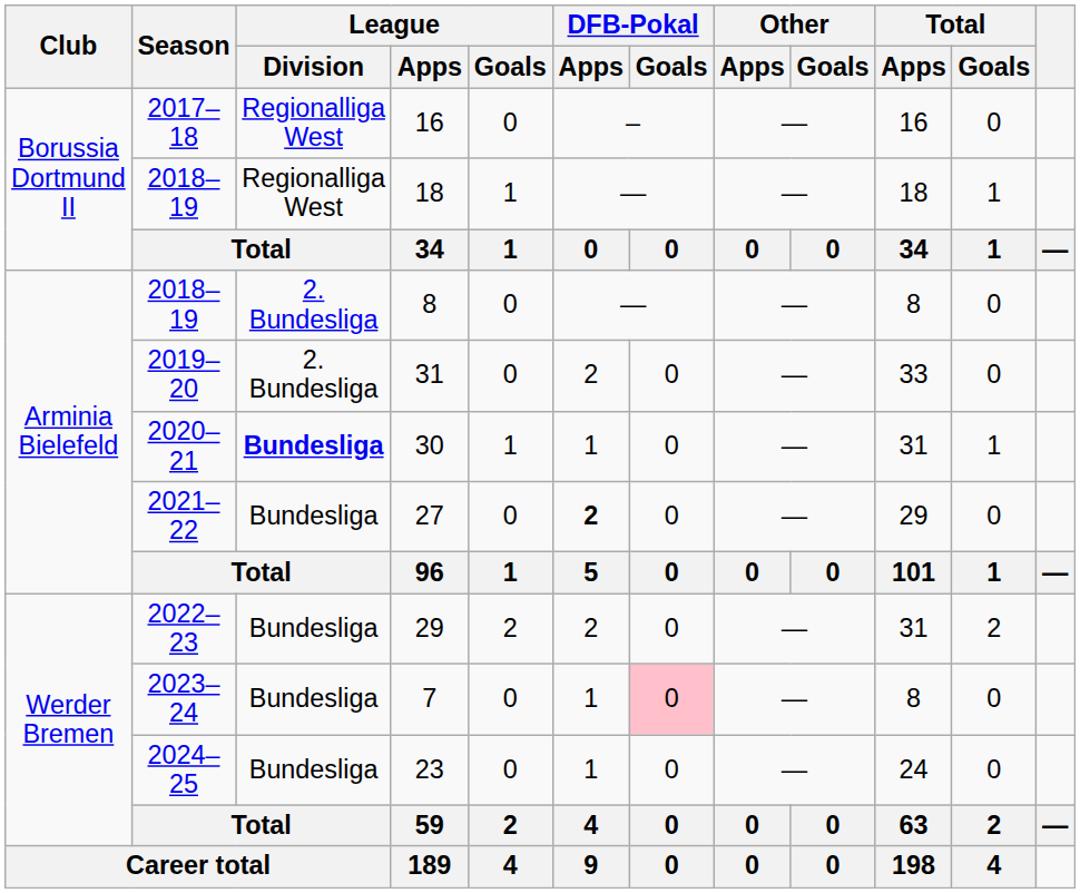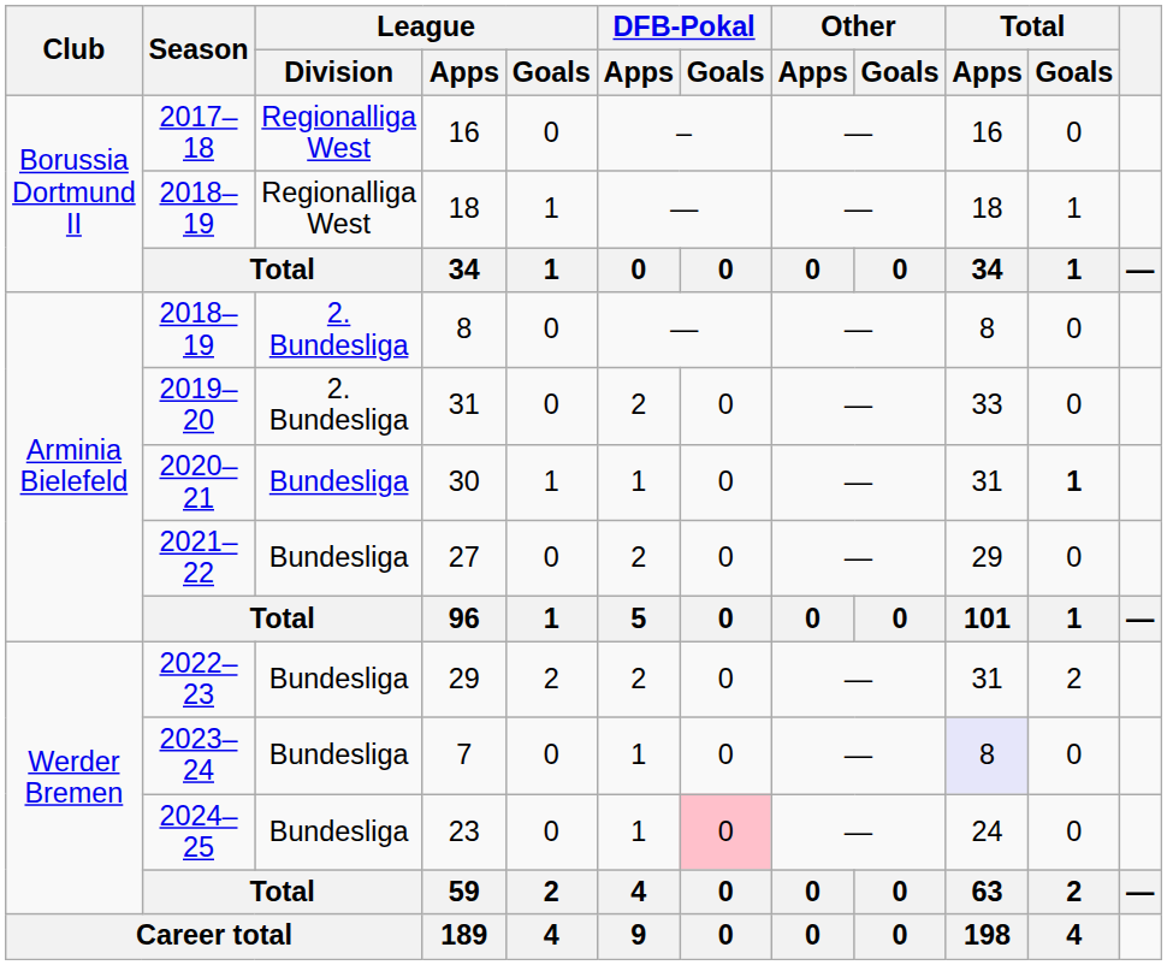 <table class="wikitable" style="text-align: center">
 <tr>
 <th rowspan="2">Club</th>
 <th rowspan="2">Season</th>
 <th colspan="3">League</th>
 <th colspan="2"><a href='#'>DFB-Pokal</a></th>
 <th colspan="2">Other</th>
 <th colspan="2">Total</th>
 <th rowspan="2"></th>
 </tr>
 <tr>
 <th>Division</th>
 <th>Apps</th>
 <th>Goals</th>
 <th>Apps</th>
 <th>Goals</th>
 <th>Apps</th>
 <th>Goals</th>
 <th>Apps</th>
 <th>Goals</th>
 </tr>
 <tr>
 <td rowspan="3"><a href='#'>Borussia Dortmund II</a></td>
 <td><a href='#'>2017–18</a></td>
 <td><a href='#'>Regionalliga West</a></td>
 <td>16</td>
 <td>0</td>
 <td colspan="2">–</td>
 <td colspan="2">—</td>
 <td>16</td>
 <td>0</td>
 <td></td>
 </tr>
 <tr>
 <td><a href='#'>2018–19</a></td>
 <td>Regionalliga West</td>
 <td>18</td>
 <td>1</td>
 <td colspan="2">—</td>
 <td colspan="2">—</td>
 <td>18</td>
 <td>1</td>
 <td></td>
 </tr>
 <tr>
 <th colspan="2">Total</th>
 <th>34</th>
 <th>1</th>
 <th>0</th>
 <th>0</th>
 <th>0</th>
 <th>0</th>
 <th>34</th>
 <th>1</th>
 <th>—</th>
 </tr>
 <tr>
 <td rowspan="5"><a href='#'>Arminia Bielefeld</a></td>
 <td><a href='#'>2018–19</a></td>
 <td><a href='#'>2. Bundesliga</a></td>
 <td>8</td>
 <td>0</td>
 <td colspan="2">—</td>
 <td colspan="2">—</td>
 <td>8</td>
 <td>0</td>
 <td></td>
 </tr>
 <tr>
 <td><a href='#'>2019–20</a></td>
 <td>2. Bundesliga</td>
 <td>31</td>
 <td>0</td>
 <td>2</td>
 <td>0</td>
 <td colspan="2">—</td>
 <td>33</td>
 <td>0</td>
 <td></td>
 </tr>
 <tr>
 <td><a href='#'>2020–21</a></td>
-<td><strong><a href='#'>Bundesliga</a></strong></td>
+<td><a href='#'>Bundesliga</a></td>
 <td>30</td>
 <td>1</td>
 <td>1</td>
 <td>0</td>
 <td colspan="2">—</td>
 <td>31</td>
-<td>1</td>
+<td><strong>1</strong></td>
 <td></td>
 </tr>
 <tr>
 <td><a href='#'>2021–22</a></td>
 <td>Bundesliga</td>
 <td>27</td>
 <td>0</td>
-<td><strong>2</strong></td>
+<td>2</td>
 <td>0</td>
 <td colspan="2">—</td>
 <td>29</td>
 <td>0</td>
 <td></td>
 </tr>
 <tr>
 <th colspan="2">Total</th>
 <th>96</th>
 <th>1</th>
 <th>5</th>
 <th>0</th>
 <th>0</th>
 <th>0</th>
 <th>101</th>
 <th>1</th>
 <th>—</th>
 </tr>
 <tr>
 <td rowspan="4"><a href='#'>Werder Bremen</a></td>
 <td><a href='#'>2022–23</a></td>
 <td>Bundesliga</td>
 <td>29</td>
 <td>2</td>
 <td>2</td>
 <td>0</td>
 <td colspan="2">—</td>
 <td>31</td>
 <td>2</td>
 <td></td>
 </tr>
 <tr>
 <td><a href='#'>2023–24</a></td>
 <td>Bundesliga</td>
 <td>7</td>
 <td>0</td>
 <td>1</td>
-<td style="background: pink;">0</td>
+<td>0</td>
 <td colspan="2">—</td>
-<td>8</td>
+<td style="background: lavender;">8</td>
 <td>0</td>
 <td></td>
 </tr>
 <tr>
 <td><a href='#'>2024–25</a></td>
 <td>Bundesliga</td>
 <td>23</td>
 <td>0</td>
 <td>1</td>
-<td>0</td>
+<td style="background: pink;">0</td>
 <td colspan="2">—</td>
 <td>24</td>
 <td>0</td>
 <td></td>
 </tr>
 <tr>
 <th colspan="2">Total</th>
 <th>59</th>
 <th>2</th>
 <th>4</th>
 <th>0</th>
 <th>0</th>
 <th>0</th>
 <th>63</th>
 <th>2</th>
 <th>—</th>
 </tr>
 <tr>
 <th colspan="3">Career total</th>
 <th>189</th>
 <th>4</th>
 <th>9</th>
 <th>0</th>
 <th>0</th>
 <th>0</th>
 <th>198</th>
 <th>4</th>
 </tr>
 </table>
